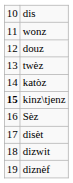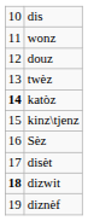 <table class="wikitable" style="float:left; margin-right:0.5em">
 <tr>
 <td>10</td>
 <td>dis</td>
 </tr>
 <tr>
 <td>11</td>
 <td>wonz</td>
 </tr>
 <tr>
 <td>12</td>
 <td>douz</td>
 </tr>
 <tr>
 <td>13</td>
 <td>twèz</td>
 </tr>
 <tr>
-<td>14</td>
+<td><strong>14</strong></td>
 <td>katòz</td>
 </tr>
 <tr>
-<td><strong>15</strong></td>
+<td>15</td>
 <td>kinz\tjenz</td>
 </tr>
 <tr>
 <td>16</td>
 <td>Sèz</td>
 </tr>
 <tr>
 <td>17</td>
 <td>disèt</td>
 </tr>
 <tr>
-<td>18</td>
+<td><strong>18</strong></td>
 <td>dizwit</td>
 </tr>
 <tr>
 <td>19</td>
 <td>diznèf</td>
 </tr>
 </table>
